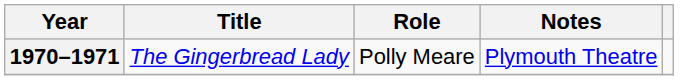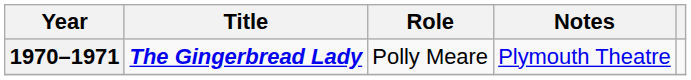 <table class="wikitable plainrowheaders sortable" style="margin-right: 0;">
 <tr>
 <th scope="col">Year</th>
 <th scope="col">Title</th>
 <th scope="col">Role</th>
 <th scope="col" class="unsortable">Notes</th>
 <th scope="col" class="unsortable"></th>
 </tr>
 <tr>
 <th scope="row">1970–1971</th>
-<td><em><a href='#'>The Gingerbread Lady</a></em></td>
+<td><strong><em><a href='#'>The Gingerbread Lady</a></em></strong></td>
 <td>Polly Meare</td>
 <td><a href='#'>Plymouth Theatre</a></td>
 <td style="text-align:center;"></td>
 </tr>
 <tr>
 </tr>
 </table>
